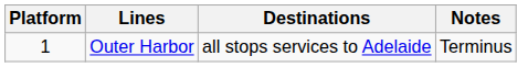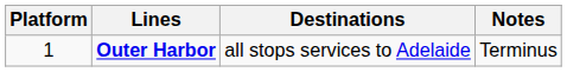 <table class="wikitable" style="float: none; margin: 0.5em; ">
 <tr>
 <th>Platform</th>
 <th>Lines</th>
 <th>Destinations</th>
 <th>Notes</th>
 </tr>
 <tr>
 <td rowspan="1" style="text-align:center;">1</td>
-<td style=background:#><a href='#'><span>Outer Harbor</span></a></td>
+<td style=background:#><strong><a href='#'><span>Outer Harbor</span></a></strong></td>
 <td>all stops services to <a href='#'>Adelaide</a></td>
 <td>Terminus</td>
 </tr>
 </table>
